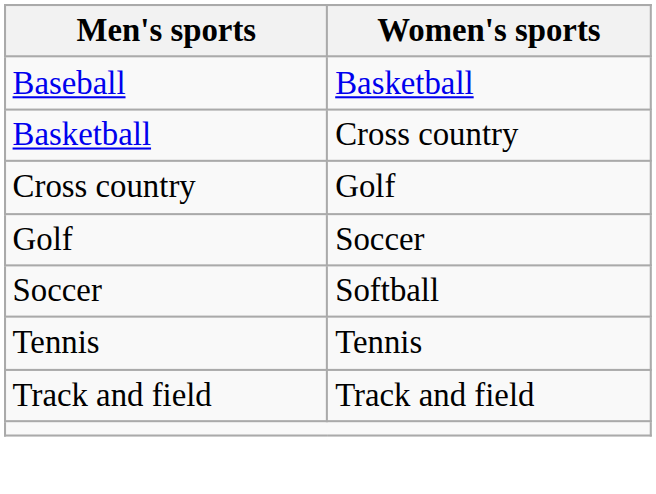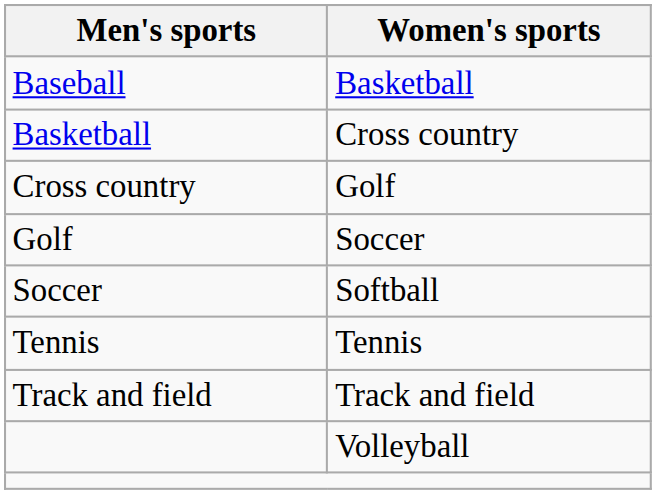 <table class="wikitable" style=" ">
 <tr>
 <th width=150px>Men's sports</th>
 <th width=150px>Women's sports</th>
 </tr>
 <tr>
 <td><a href='#'>Baseball</a></td>
 <td><a href='#'>Basketball</a></td>
 </tr>
 <tr>
 <td><a href='#'>Basketball</a></td>
 <td>Cross country</td>
 </tr>
 <tr>
 <td>Cross country</td>
 <td>Golf</td>
 </tr>
 <tr>
 <td>Golf</td>
 <td>Soccer</td>
 </tr>
 <tr>
 <td>Soccer</td>
 <td>Softball</td>
 </tr>
 <tr>
 <td>Tennis</td>
 <td>Tennis</td>
 </tr>
 <tr>
 <td>Track and field</td>
 <td>Track and field</td>
 </tr>
 <tr>
+<td></td>
+<td>Volleyball</td>
+</tr>
+<tr>
 <td colspan="2"></td>
 </tr>
 </table>
